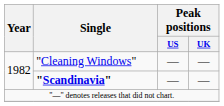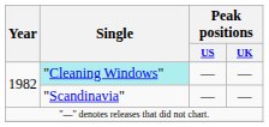 <table class="wikitable">
 <tr>
 <th rowspan="2">Year</th>
 <th width="160" rowspan="2">Single</th>
 <th colspan="2">Peak positions</th>
 </tr>
 <tr>
 <th style="width:3em;font-size:75%"><a href='#'>US</a></th>
 <th style="width:3em;font-size:75%"><a href='#'>UK</a></th>
 </tr>
 <tr>
 <td rowspan="2">1982</td>
-<td>"<a href='#'>Cleaning Windows</a>"</td>
+<td style="background: paleturquoise;">"<a href='#'>Cleaning Windows</a>"</td>
 <td align="center">—</td>
 <td align="center">—</td>
 </tr>
 <tr>
-<td><strong>"<a href='#'>Scandinavia</a>"</strong></td>
+<td>"<a href='#'>Scandinavia</a>"</td>
 <td align="center">—</td>
 <td align="center">—</td>
 </tr>
 <tr>
 <td align="center" colspan="4" style="font-size: 8pt">"—" denotes releases that did not chart.</td>
 </tr>
 <tr>
 </tr>
 </table>
